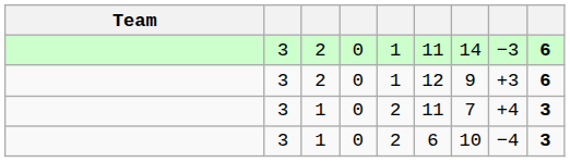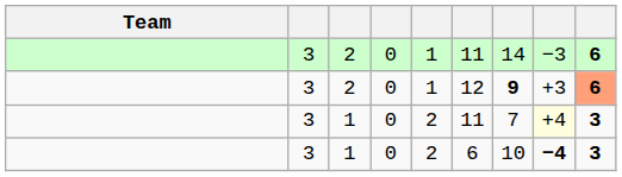 <table class="wikitable" style="text-align: center;">
 <tr>
 <th style="width:175px;">Team</th>
 <th width="20"></th>
 <th width="20"></th>
 <th width="20"></th>
 <th width="20"></th>
 <th width="20"></th>
 <th width="20"></th>
 <th width="20"></th>
 <th width="20"></th>
 </tr>
 <tr style="background:#cfc;">
 <td align=left></td>
 <td>3</td>
 <td>2</td>
 <td>0</td>
 <td>1</td>
 <td>11</td>
 <td>14</td>
 <td>−3</td>
 <td><strong>6</strong></td>
 </tr>
 <tr>
 <td align=left></td>
 <td>3</td>
 <td>2</td>
 <td>0</td>
 <td>1</td>
 <td>12</td>
-<td>9</td>
+<td><strong>9</strong></td>
 <td>+3</td>
-<td><strong>6</strong></td>
+<td style="background: lightsalmon;"><strong>6</strong></td>
 </tr>
 <tr>
 <td align=left></td>
 <td>3</td>
 <td>1</td>
 <td>0</td>
 <td>2</td>
 <td>11</td>
 <td>7</td>
-<td>+4</td>
+<td style="background: lightyellow;">+4</td>
 <td><strong>3</strong></td>
 </tr>
 <tr>
 <td align=left></td>
 <td>3</td>
 <td>1</td>
 <td>0</td>
 <td>2</td>
 <td>6</td>
 <td>10</td>
-<td>−4</td>
+<td><strong>−4</strong></td>
 <td><strong>3</strong></td>
 </tr>
 </table>
